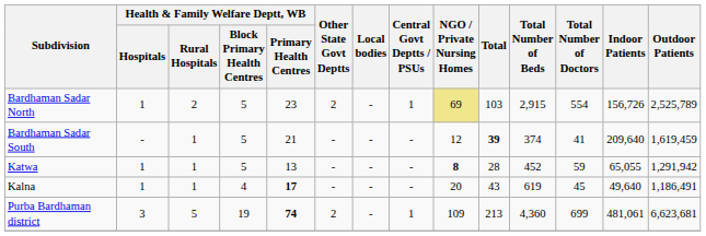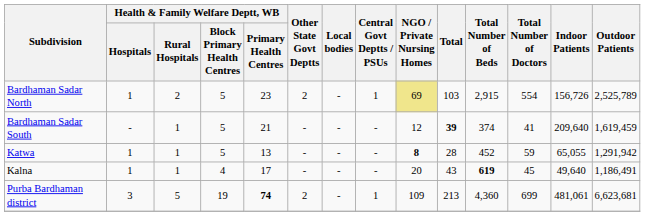 <table class="wikitable" style="text-align:center;font-size: 9pt">
 <tr>
 <th width="110" rowspan="2">Subdivision</th>
 <th width="160" colspan="4" rowspan="1">Health & Family Welfare Deptt, WB</th>
 <th widthspan="110" rowspan="2">Other<br>State<br>Govt<br>Deptts</th>
 <th widthspan="110" rowspan="2">Local<br>bodies</th>
 <th widthspan="110" rowspan="2">Central<br>Govt<br>Deptts /<br>PSUs</th>
 <th widthspan="110" rowspan="2">NGO /<br>Private<br>Nursing<br>Homes</th>
 <th widthspan="110" rowspan="2">Total</th>
 <th widthspan="110" rowspan="2">Total<br>Number<br>of<br>Beds</th>
 <th widthspan="110" rowspan="2">Total<br>Number<br>of<br>Doctors</th>
 <th widthspan="130" rowspan="2">Indoor<br>Patients</th>
 <th widthspan="130" rowspan="2">Outdoor<br>Patients</th>
 </tr>
 <tr>
 <th width="40">Hospitals<br></th>
 <th width="40">Rural<br>Hospitals<br></th>
 <th width="40">Block<br>Primary<br>Health<br>Centres<br></th>
 <th width="40">Primary<br>Health<br>Centres<br></th>
 </tr>
 <tr>
 <td align=left><a href='#'>Bardhaman Sadar North</a></td>
 <td align="center">1</td>
 <td align="center">2</td>
 <td align="center">5</td>
 <td align="center">23</td>
 <td align="center">2</td>
 <td align="center">-</td>
 <td align="center">1</td>
 <td align="center" style="background: khaki;">69</td>
 <td align="center">103</td>
 <td align="center">2,915</td>
 <td align="center">554</td>
 <td align="center">156,726</td>
 <td align="center">2,525,789</td>
 </tr>
 <tr>
 <td align=left><a href='#'>Bardhaman Sadar South</a></td>
 <td align="center">-</td>
 <td align="center">1</td>
 <td align="center">5</td>
 <td align="center">21</td>
 <td align="center">-</td>
 <td align="center">-</td>
 <td align="center">-</td>
 <td align="center">12</td>
 <td align="center"><strong>39</strong></td>
 <td align="center">374</td>
 <td align="center">41</td>
 <td align="center">209,640</td>
 <td align="center">1,619,459</td>
 </tr>
 <tr>
 <td align=left><a href='#'>Katwa</a></td>
 <td align="center">1</td>
 <td align="center">1</td>
 <td align="center">5</td>
 <td align="center">13</td>
 <td align="center">-</td>
 <td align="center">-</td>
 <td align="center">-</td>
 <td align="center"><strong>8</strong></td>
 <td align="center">28</td>
 <td align="center">452</td>
 <td align="center">59</td>
 <td align="center">65,055</td>
 <td align="center">1,291,942</td>
 </tr>
 <tr>
 <td align=left>Kalna</td>
 <td align="center">1</td>
 <td align="center">1</td>
 <td align="center">4</td>
-<td align="center"><strong>17</strong></td>
+<td align="center">17</td>
 <td align="center">-</td>
 <td align="center">-</td>
 <td align="center">-</td>
 <td align="center">20</td>
 <td align="center">43</td>
-<td align="center">619</td>
+<td align="center"><strong>619</strong></td>
 <td align="center">45</td>
 <td align="center">49,640</td>
 <td align="center">1,186,491</td>
 </tr>
 <tr>
 <td align=left><a href='#'>Purba Bardhaman district</a></td>
 <td align="center">3</td>
 <td align="center">5</td>
 <td align="center">19</td>
 <td align="center"><strong>74</strong></td>
 <td align="center">2</td>
 <td align="center">-</td>
 <td align="center">1</td>
 <td align="center">109</td>
 <td align="center">213</td>
 <td align="center">4,360</td>
 <td align="center">699</td>
 <td align="center">481,061</td>
 <td align="center">6,623,681</td>
 </tr>
 <tr>
 </tr>
 </table>
